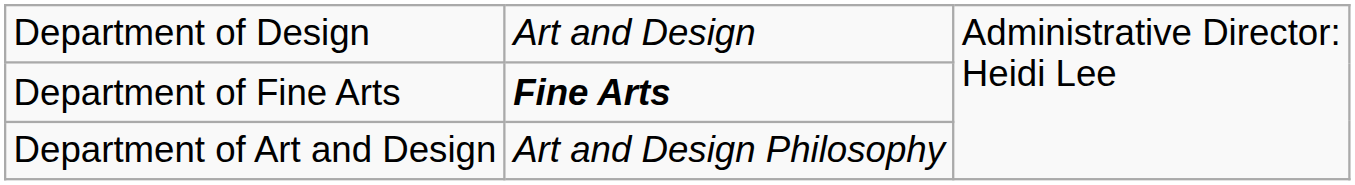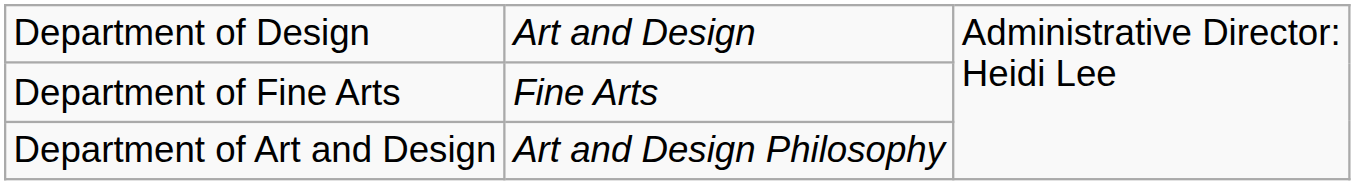 <table class="wikitable">
 <tr valign="top">
 <td>Department of Design</td>
 <td><em>Art and Design</em></td>
 <td rowspan="3">Administrative Director:<br>Heidi Lee</td>
 </tr>
 <tr valign="top">
 <td>Department of Fine Arts</td>
-<td><strong><em>Fine Arts</em></strong></td>
+<td><em>Fine Arts</em></td>
 </tr>
 <tr valign="top">
 <td>Department of Art and Design</td>
 <td><em>Art and Design Philosophy</em></td>
 </tr>
 </table>
